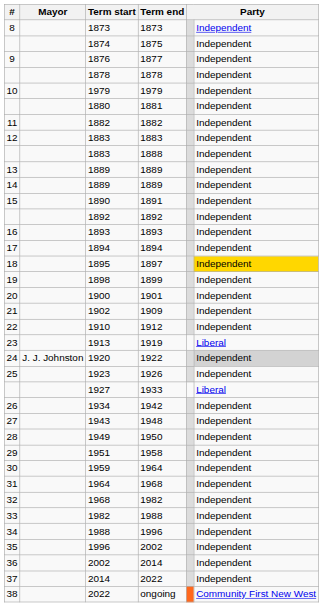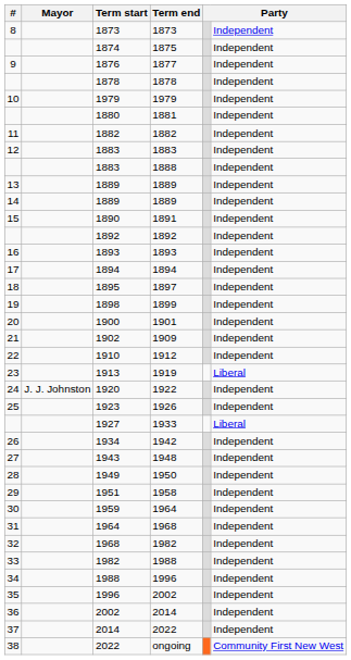 <table class="wikitable sortable">
 <tr>
 <th align=center>#</th>
 <th>Mayor</th>
 <th>Term start</th>
 <th>Term end</th>
 <th colspan="2">Party</th>
 </tr>
 <tr>
 <td style="text-align: center;">8</td>
 <td></td>
 <td>1873</td>
 <td>1873</td>
 <td style="background:gainsboro;"> </td>
 <td><a href='#'>Independent</a></td>
 </tr>
 <tr>
 <td style="text-align: center;"></td>
 <td></td>
 <td>1874</td>
 <td>1875</td>
 <td style="background:gainsboro;"> </td>
 <td>Independent</td>
 </tr>
 <tr>
 <td style="text-align: center;">9</td>
 <td></td>
 <td>1876</td>
 <td>1877</td>
 <td style="background:gainsboro;"> </td>
 <td>Independent</td>
 </tr>
 <tr>
 <td style="text-align: center;"></td>
 <td></td>
 <td>1878</td>
 <td>1878</td>
 <td style="background:gainsboro;"> </td>
 <td>Independent</td>
 </tr>
 <tr>
 <td style="text-align: center;">10</td>
 <td></td>
 <td>1979</td>
 <td>1979</td>
 <td style="background:gainsboro;"> </td>
 <td>Independent</td>
 </tr>
 <tr>
 <td style="text-align: center;"></td>
 <td></td>
 <td>1880</td>
 <td>1881</td>
 <td style="background:gainsboro;"> </td>
 <td>Independent</td>
 </tr>
 <tr>
 <td style="text-align: center;">11</td>
 <td></td>
 <td>1882</td>
 <td>1882</td>
 <td style="background:gainsboro;"> </td>
 <td>Independent</td>
 </tr>
 <tr>
 <td style="text-align: center;">12</td>
 <td></td>
 <td>1883</td>
 <td>1883</td>
 <td style="background:gainsboro;"> </td>
 <td>Independent</td>
 </tr>
 <tr>
 <td style="text-align: center;"></td>
 <td></td>
 <td>1883</td>
 <td>1888</td>
 <td style="background:gainsboro;"> </td>
 <td>Independent</td>
 </tr>
 <tr>
 <td style="text-align: center;">13</td>
 <td></td>
 <td>1889</td>
 <td>1889</td>
 <td style="background:gainsboro;"> </td>
 <td>Independent</td>
 </tr>
 <tr>
 <td style="text-align: center;">14</td>
 <td></td>
 <td>1889</td>
 <td>1889</td>
 <td style="background:gainsboro;"> </td>
 <td>Independent</td>
 </tr>
 <tr>
 <td style="text-align: center;">15</td>
 <td></td>
 <td>1890</td>
 <td>1891</td>
 <td style="background:gainsboro;"> </td>
 <td>Independent</td>
 </tr>
 <tr>
 <td style="text-align: center;"></td>
 <td></td>
 <td>1892</td>
 <td>1892</td>
 <td style="background:gainsboro;"> </td>
 <td>Independent</td>
 </tr>
 <tr>
 <td style="text-align: center;">16</td>
 <td></td>
 <td>1893</td>
 <td>1893</td>
 <td style="background:gainsboro;"> </td>
 <td>Independent</td>
 </tr>
 <tr>
 <td style="text-align: center;">17</td>
 <td></td>
 <td>1894</td>
 <td>1894</td>
 <td style="background:gainsboro;"> </td>
 <td>Independent</td>
 </tr>
 <tr>
 <td style="text-align: center;">18</td>
 <td></td>
 <td>1895</td>
 <td>1897</td>
 <td style="background:gainsboro;"> </td>
-<td style="background: gold;">Independent</td>
+<td>Independent</td>
 </tr>
 <tr>
 <td style="text-align: center;">19</td>
 <td></td>
 <td>1898</td>
 <td>1899</td>
 <td style="background:gainsboro;"> </td>
 <td>Independent</td>
 </tr>
 <tr>
 <td style="text-align: center;">20</td>
 <td></td>
 <td>1900</td>
 <td>1901</td>
 <td style="background:gainsboro;"> </td>
 <td>Independent</td>
 </tr>
 <tr>
 <td style="text-align: center;">21</td>
 <td></td>
 <td>1902</td>
 <td>1909</td>
 <td style="background:gainsboro;"> </td>
 <td>Independent</td>
 </tr>
 <tr>
 <td style="text-align: center;">22</td>
 <td></td>
 <td>1910</td>
 <td>1912</td>
 <td style="background:gainsboro;"> </td>
 <td>Independent</td>
 </tr>
 <tr>
 <td style="text-align: center;">23</td>
 <td></td>
 <td>1913</td>
 <td>1919</td>
 <td style="background:"> </td>
 <td><a href='#'>Liberal</a></td>
 </tr>
 <tr>
 <td style="text-align: center;">24</td>
 <td>J. J. Johnston</td>
 <td>1920</td>
 <td>1922</td>
 <td style="background:gainsboro;"> </td>
-<td style="background: lightgrey;">Independent</td>
+<td>Independent</td>
 </tr>
 <tr>
 <td style="text-align: center;">25</td>
 <td></td>
 <td>1923</td>
 <td>1926</td>
 <td style="background:gainsboro;"> </td>
 <td>Independent</td>
 </tr>
 <tr>
 <td style="text-align: center;"></td>
 <td></td>
 <td>1927</td>
 <td>1933</td>
 <td style="background:"> </td>
 <td><a href='#'>Liberal</a></td>
 </tr>
 <tr>
 <td style="text-align: center;">26</td>
 <td></td>
 <td>1934</td>
 <td>1942</td>
 <td style="background:gainsboro;"> </td>
 <td>Independent</td>
 </tr>
 <tr>
 <td style="text-align: center;">27</td>
 <td></td>
 <td>1943</td>
 <td>1948</td>
 <td style="background:gainsboro;"> </td>
 <td>Independent</td>
 </tr>
 <tr>
 <td style="text-align: center;">28</td>
 <td></td>
 <td>1949</td>
 <td>1950</td>
 <td style="background:gainsboro;"> </td>
 <td>Independent</td>
 </tr>
 <tr>
 <td style="text-align: center;">29</td>
 <td></td>
 <td>1951</td>
 <td>1958</td>
 <td style="background:gainsboro;"> </td>
 <td>Independent</td>
 </tr>
 <tr>
 <td style="text-align: center;">30</td>
 <td></td>
 <td>1959</td>
 <td>1964</td>
 <td style="background:gainsboro;"> </td>
 <td>Independent</td>
 </tr>
 <tr>
 <td style="text-align: center;">31</td>
 <td></td>
 <td>1964</td>
 <td>1968</td>
 <td style="background:gainsboro;"> </td>
 <td>Independent</td>
 </tr>
 <tr>
 <td style="text-align: center;">32</td>
 <td></td>
 <td>1968</td>
 <td>1982</td>
 <td style="background:gainsboro;"> </td>
 <td>Independent</td>
 </tr>
 <tr>
 <td style="text-align: center;">33</td>
 <td></td>
 <td>1982</td>
 <td>1988</td>
 <td style="background:gainsboro;"> </td>
 <td>Independent</td>
 </tr>
 <tr>
 <td style="text-align: center;">34</td>
 <td></td>
 <td>1988</td>
 <td>1996</td>
 <td style="background:gainsboro;"> </td>
 <td>Independent</td>
 </tr>
 <tr>
 <td style="text-align: center;">35</td>
 <td></td>
 <td>1996</td>
 <td>2002</td>
 <td style="background:gainsboro;"> </td>
 <td>Independent</td>
 </tr>
 <tr>
 <td style="text-align: center;">36</td>
 <td></td>
 <td>2002</td>
 <td>2014</td>
 <td style="background:gainsboro;"> </td>
 <td>Independent</td>
 </tr>
 <tr>
 <td style="text-align: center;">37</td>
 <td></td>
 <td>2014</td>
 <td>2022</td>
 <td style="background:gainsboro;"> </td>
 <td>Independent</td>
 </tr>
 <tr>
 <td style="text-align: center;">38</td>
 <td></td>
 <td>2022</td>
 <td>ongoing</td>
 <td style="background:#ff681d;"> </td>
 <td><a href='#'>Community First New West</a></td>
 </tr>
 </table>
